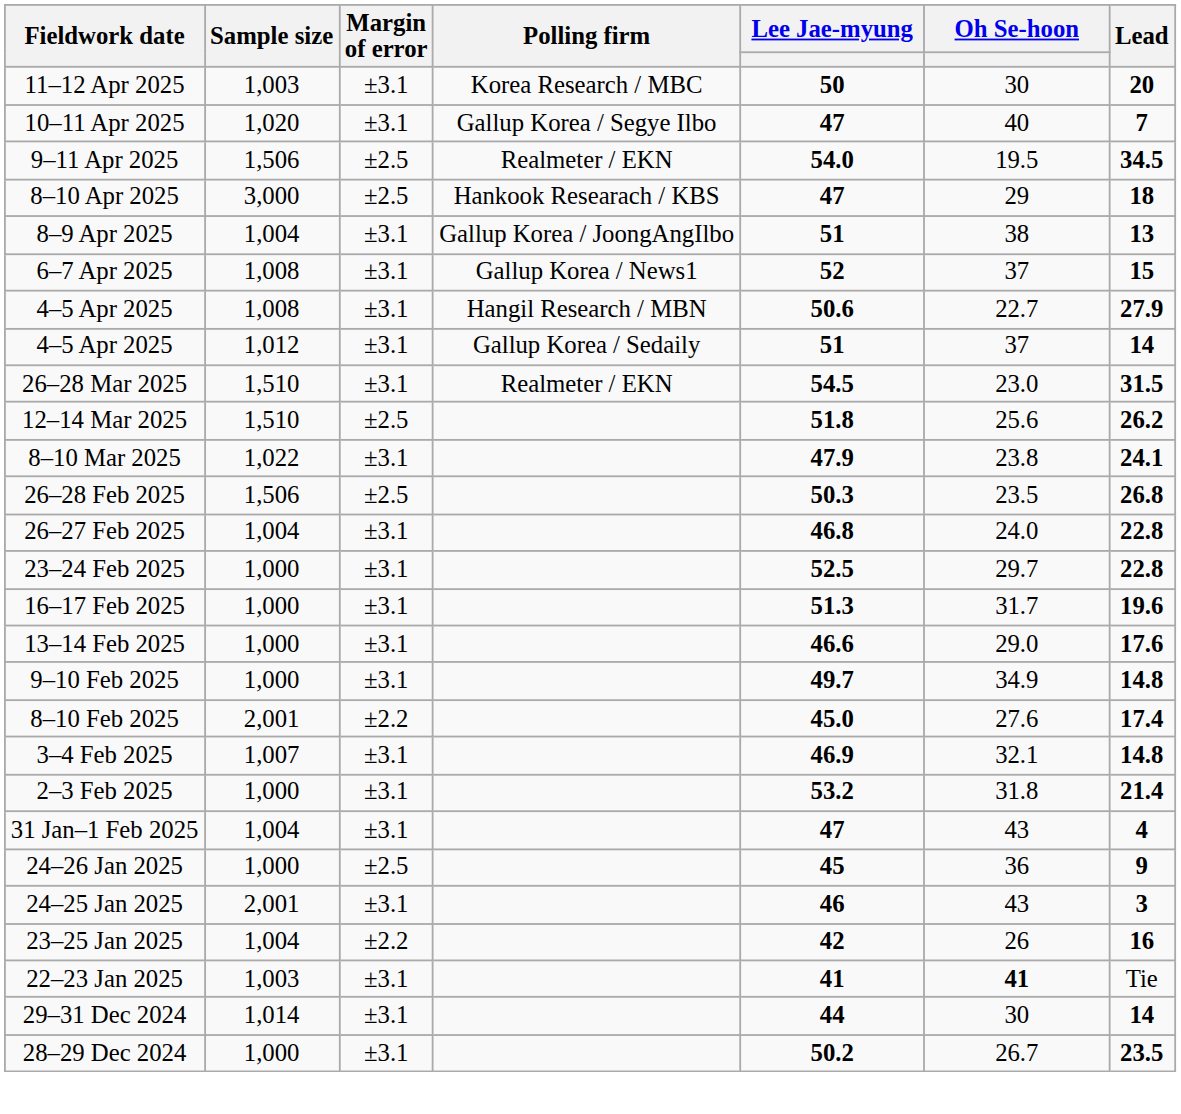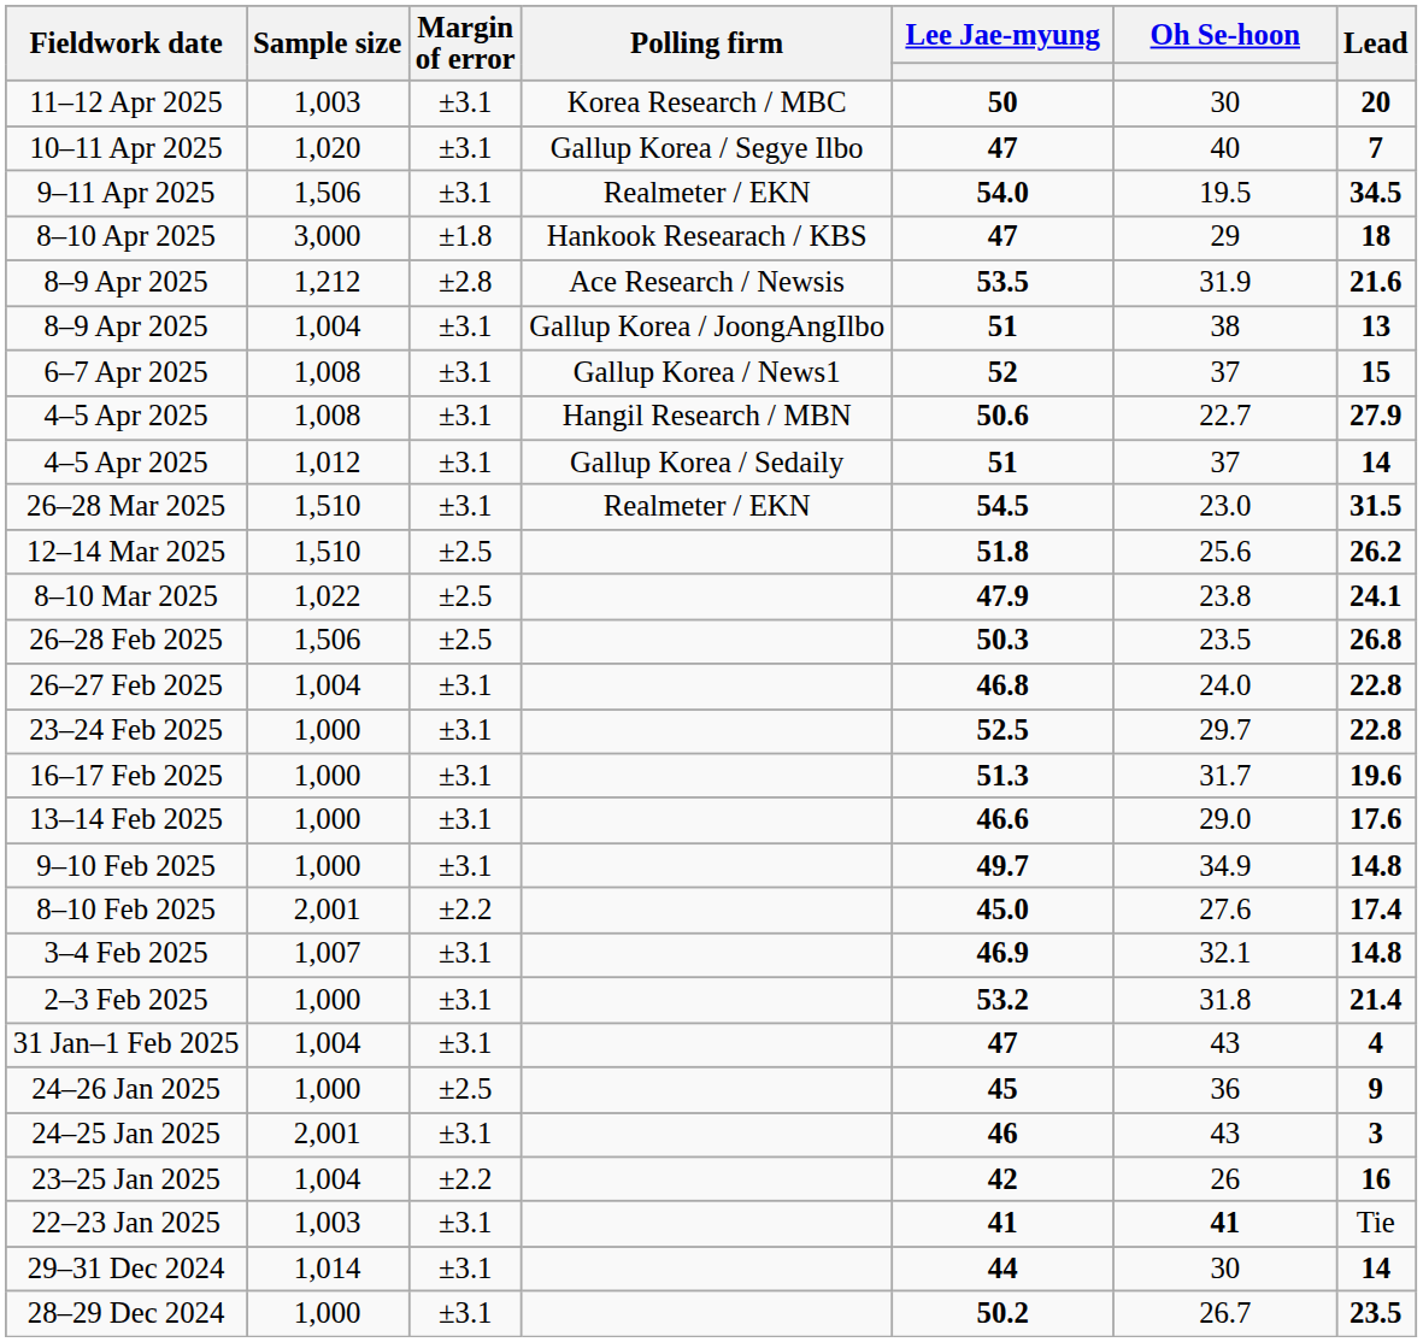 <table class="wikitable tpl-blanktable sortable tpl-blanktable mw-collapsible" style="text-align:center; font-size:85%; line-height:14px">
 <tr>
 <th class="unsortable" rowspan="2">Fieldwork date</th>
 <th class="unsortable" rowspan="2">Sample size</th>
 <th class="unsortable" rowspan="2">Margin<br>of error</th>
 <th class="unsortable" rowspan="2">Polling firm</th>
 <th class="unsortable" colspan="1" style="width:95px"><a href='#'>Lee Jae-myung</a></th>
 <th class="unsortable" colspan="1" style="width:95px"><a href='#'>Oh Se-hoon</a></th>
 <th rowspan="2" class="unsortable">Lead</th>
 </tr>
 <tr>
 <th colspan="1" style="background:"></th>
 <th colspan="1" style="background:"></th>
 </tr>
 <tr>
 <td data-sort-value="2025-4-12">11–12 Apr 2025</td>
 <td>1,003</td>
 <td>±3.1</td>
 <td>Korea Research / MBC</td>
 <td><strong>50</strong></td>
 <td>30</td>
 <td style="background:"><strong>20</strong></td>
 </tr>
 <tr>
 <td data-sort-value="2025-4-11">10–11 Apr 2025</td>
 <td>1,020</td>
 <td>±3.1</td>
 <td>Gallup Korea / Segye Ilbo</td>
 <td><strong>47</strong></td>
 <td>40</td>
 <td style="background:"><strong>7</strong></td>
 </tr>
 <tr>
 <td data-sort-value="2025-4-11">9–11 Apr 2025</td>
 <td>1,506</td>
-<td>±2.5</td>
+<td>±3.1</td>
 <td>Realmeter / EKN</td>
 <td><strong>54.0</strong></td>
 <td>19.5</td>
 <td style="background:"><strong>34.5</strong></td>
 </tr>
 <tr>
 <td data-sort-value="2025-4-10">8–10 Apr 2025</td>
 <td>3,000</td>
-<td>±2.5</td>
+<td>±1.8</td>
 <td>Hankook Researach / KBS</td>
 <td><strong>47</strong></td>
 <td>29</td>
 <td style="background:"><strong>18</strong></td>
+</tr>
+<tr>
+<td data-sort-value="2025-4-9">8–9 Apr 2025</td>
+<td>1,212</td>
+<td>±2.8</td>
+<td>Ace Research / Newsis</td>
+<td><strong>53.5</strong></td>
+<td>31.9</td>
+<td style="background:"><strong>21.6</strong></td>
 </tr>
 <tr>
 <td data-sort-value="2025-4-9">8–9 Apr 2025</td>
 <td>1,004</td>
 <td>±3.1</td>
 <td>Gallup Korea / JoongAngIlbo</td>
 <td><strong>51</strong></td>
 <td>38</td>
 <td style="background:"><strong>13</strong></td>
 </tr>
 <tr>
 <td data-sort-value="2025-4-7">6–7 Apr 2025</td>
 <td>1,008</td>
 <td>±3.1</td>
 <td>Gallup Korea / News1</td>
 <td><strong>52</strong></td>
 <td>37</td>
 <td style="background:"><strong>15</strong></td>
 </tr>
 <tr>
 <td data-sort-value="2025-4-5">4–5 Apr 2025</td>
 <td>1,008</td>
 <td>±3.1</td>
 <td>Hangil Research / MBN</td>
 <td><strong>50.6</strong></td>
 <td>22.7</td>
 <td style="background:"><strong>27.9</strong></td>
 </tr>
 <tr>
 <td data-sort-value="2025-4-5">4–5 Apr 2025</td>
 <td>1,012</td>
 <td>±3.1</td>
 <td>Gallup Korea / Sedaily</td>
 <td><strong>51</strong></td>
 <td>37</td>
 <td style="background:"><strong>14</strong></td>
 </tr>
 <tr>
 <td data-sort-value="2025-3-28">26–28 Mar 2025</td>
 <td>1,510</td>
 <td>±3.1</td>
 <td>Realmeter / EKN</td>
 <td><strong>54.5</strong></td>
 <td>23.0</td>
 <td style="background:"><strong>31.5</strong></td>
 </tr>
 <tr>
 <td data-sort-value="2025-3-14">12–14 Mar 2025</td>
 <td>1,510</td>
 <td>±2.5</td>
 <td></td>
 <td><strong>51.8</strong></td>
 <td>25.6</td>
 <td style="background:"><strong>26.2</strong></td>
 </tr>
 <tr>
 <td data-sort-value="2025-3-10">8–10 Mar 2025</td>
 <td>1,022</td>
-<td>±3.1</td>
+<td>±2.5</td>
 <td></td>
 <td><strong>47.9</strong></td>
 <td>23.8</td>
 <td style="background:"><strong>24.1</strong></td>
 </tr>
 <tr>
 <td data-sort-value="2025-2-28">26–28 Feb 2025</td>
 <td>1,506</td>
 <td>±2.5</td>
 <td></td>
 <td><strong>50.3</strong></td>
 <td>23.5</td>
 <td style="background:"><strong>26.8</strong></td>
 </tr>
 <tr>
 <td data-sort-value="2025-2-27">26–27 Feb 2025</td>
 <td>1,004</td>
 <td>±3.1</td>
 <td></td>
 <td><strong>46.8</strong></td>
 <td>24.0</td>
 <td style="background:"><strong>22.8</strong></td>
 </tr>
 <tr>
 <td data-sort-value="2025-2-24">23–24 Feb 2025</td>
 <td>1,000</td>
 <td>±3.1</td>
 <td></td>
 <td><strong>52.5</strong></td>
 <td>29.7</td>
 <td style="background:"><strong>22.8</strong></td>
 </tr>
 <tr>
 <td data-sort-value="2025-2-17">16–17 Feb 2025</td>
 <td>1,000</td>
 <td>±3.1</td>
 <td></td>
 <td><strong>51.3</strong></td>
 <td>31.7</td>
 <td style="background:"><strong>19.6</strong></td>
 </tr>
 <tr>
 <td data-sort-value="2025-2-14">13–14 Feb 2025</td>
 <td>1,000</td>
 <td>±3.1</td>
 <td></td>
 <td><strong>46.6</strong></td>
 <td>29.0</td>
 <td style="background:"><strong>17.6</strong></td>
 </tr>
 <tr>
 <td data-sort-value="2025-2-10">9–10 Feb 2025</td>
 <td>1,000</td>
 <td>±3.1</td>
 <td></td>
 <td><strong>49.7</strong></td>
 <td>34.9</td>
 <td style="background:"><strong>14.8</strong></td>
 </tr>
 <tr>
 <td data-sort-value="2025-2-10">8–10 Feb 2025</td>
 <td>2,001</td>
 <td>±2.2</td>
 <td></td>
 <td><strong>45.0</strong></td>
 <td>27.6</td>
 <td style="background:"><strong>17.4</strong></td>
 </tr>
 <tr>
 <td data-sort-value="2025-2-4">3–4 Feb 2025</td>
 <td>1,007</td>
 <td>±3.1</td>
 <td></td>
 <td><strong>46.9</strong></td>
 <td>32.1</td>
 <td style="background:"><strong>14.8</strong></td>
 </tr>
 <tr>
 <td data-sort-value="2025-2-3">2–3 Feb 2025</td>
 <td>1,000</td>
 <td>±3.1</td>
 <td></td>
 <td><strong>53.2</strong></td>
 <td>31.8</td>
 <td style="background:"><strong>21.4</strong></td>
 </tr>
 <tr>
 <td data-sort-value="2025-2-1">31 Jan–1 Feb 2025</td>
 <td>1,004</td>
 <td>±3.1</td>
 <td></td>
 <td><strong>47</strong></td>
 <td>43</td>
 <td style="background:"><strong>4</strong></td>
 </tr>
 <tr>
 <td data-sort-value="2025-1-26">24–26 Jan 2025</td>
 <td>1,000</td>
 <td>±2.5</td>
 <td></td>
 <td><strong>45</strong></td>
 <td>36</td>
 <td style="background:"><strong>9</strong></td>
 </tr>
 <tr>
 <td data-sort-value="2025-1-25">24–25 Jan 2025</td>
 <td>2,001</td>
 <td>±3.1</td>
 <td></td>
 <td><strong>46</strong></td>
 <td>43</td>
 <td style="background:"><strong>3</strong></td>
 </tr>
 <tr>
 <td data-sort-value="2025-1-25">23–25 Jan 2025</td>
 <td>1,004</td>
 <td>±2.2</td>
 <td></td>
 <td><strong>42</strong></td>
 <td>26</td>
 <td style="background:"><strong>16</strong></td>
 </tr>
 <tr>
 <td data-sort-value="2025-1-23">22–23 Jan 2025</td>
 <td>1,003</td>
 <td>±3.1</td>
 <td></td>
 <td><strong>41</strong></td>
 <td><strong>41</strong></td>
 <td>Tie</td>
 </tr>
 <tr>
 <td data-sort-value="2024-12-31">29–31 Dec 2024</td>
 <td>1,014</td>
 <td>±3.1</td>
 <td></td>
 <td><strong>44</strong></td>
 <td>30</td>
 <td style="background:"><strong>14</strong></td>
 </tr>
 <tr>
 <td data-sort-value="2024-12-29">28–29 Dec 2024</td>
 <td>1,000</td>
 <td>±3.1</td>
 <td></td>
 <td><strong>50.2</strong></td>
 <td>26.7</td>
 <td style="background:"><strong>23.5</strong></td>
 </tr>
 </table>
